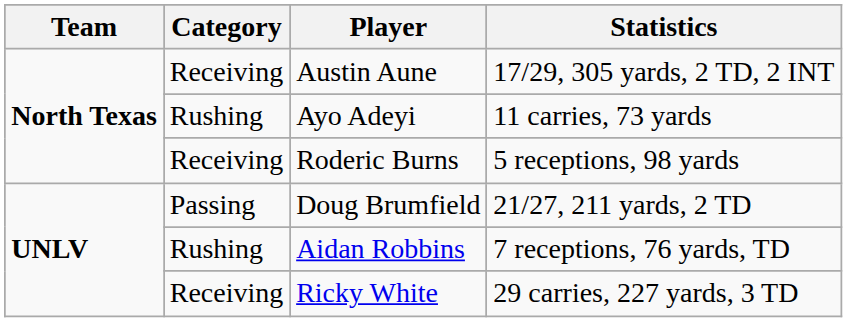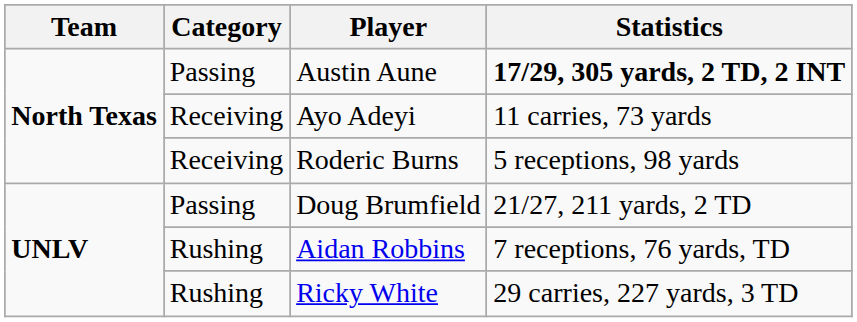 <table class="wikitable" style="float: left;">
 <tr>
 <th>Team</th>
 <th>Category</th>
 <th>Player</th>
 <th>Statistics</th>
 </tr>
 <tr>
 <td rowspan=3><strong>North Texas</strong></td>
-<td>Receiving</td>
+<td>Passing</td>
 <td>Austin Aune</td>
-<td>17/29, 305 yards, 2 TD, 2 INT</td>
+<td><strong>17/29, 305 yards, 2 TD, 2 INT</strong></td>
 </tr>
 <tr>
-<td>Rushing</td>
+<td>Receiving</td>
 <td>Ayo Adeyi</td>
 <td>11 carries, 73 yards</td>
 </tr>
 <tr>
 <td>Receiving</td>
 <td>Roderic Burns</td>
 <td>5 receptions, 98 yards</td>
 </tr>
 <tr>
 <td rowspan=3><strong>UNLV</strong></td>
 <td>Passing</td>
 <td>Doug Brumfield</td>
 <td>21/27, 211 yards, 2 TD</td>
 </tr>
 <tr>
 <td>Rushing</td>
 <td><a href='#'>Aidan Robbins</a></td>
 <td>7 receptions, 76 yards, TD</td>
 </tr>
 <tr>
-<td>Receiving</td>
+<td>Rushing</td>
 <td><a href='#'>Ricky White</a></td>
 <td>29 carries, 227 yards, 3 TD</td>
 </tr>
 </table>
